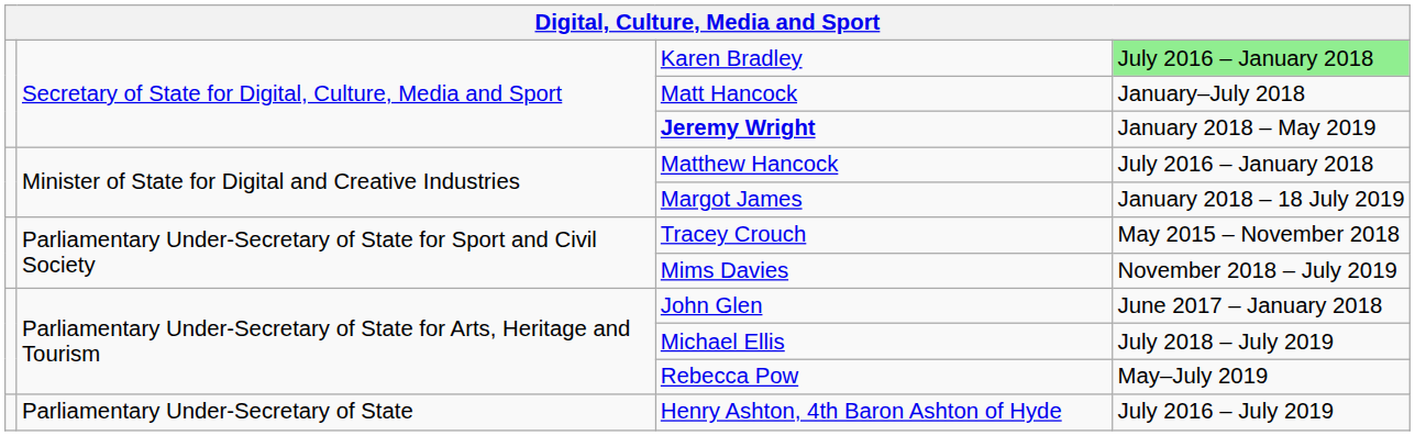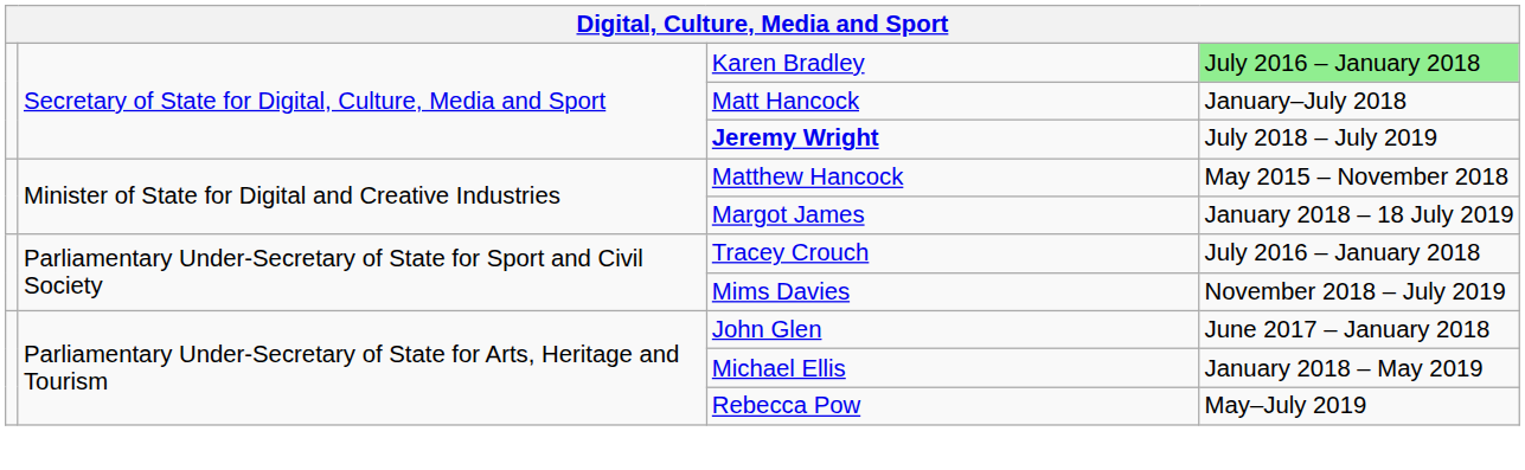 <table class="wikitable">
 <tr>
 <th colspan="4"><a href='#'>Digital, Culture, Media and Sport</a></th>
 </tr>
 <tr>
 <td rowspan="3" style="width: 1px; background: "></td>
 <td rowspan="3" style="width: 450px;"><a href='#'>Secretary of State for Digital, Culture, Media and Sport</a></td>
 <td style="width: 320px;"><a href='#'>Karen Bradley</a></td>
 <td style="background: lightgreen;">July 2016 – January 2018</td>
 </tr>
 <tr>
 <td><a href='#'>Matt Hancock</a></td>
 <td>January–July 2018</td>
 </tr>
 <tr>
 <td><strong><a href='#'>Jeremy Wright</a></strong></td>
-<td>January 2018 – May 2019</td>
+<td>July 2018 – July 2019</td>
 </tr>
 <tr>
 <td rowspan="2" style="width: 1px; background: "></td>
 <td rowspan="2">Minister of State for Digital and Creative Industries</td>
 <td><a href='#'>Matthew Hancock</a></td>
-<td>July 2016 – January 2018</td>
+<td>May 2015 – November 2018</td>
 </tr>
 <tr>
 <td><a href='#'>Margot James</a> </td>
 <td>January 2018 – 18 July 2019</td>
 </tr>
 <tr>
 <td rowspan="2" style="width: 1px; background: "></td>
 <td rowspan="2">Parliamentary Under-Secretary of State for Sport and Civil Society</td>
 <td><a href='#'>Tracey Crouch</a></td>
-<td>May 2015 – November 2018</td>
+<td>July 2016 – January 2018</td>
 </tr>
 <tr>
 <td><a href='#'>Mims Davies</a></td>
 <td>November 2018 – July 2019</td>
 </tr>
 <tr>
 <td rowspan="3" style="width: 1px; background: "></td>
 <td rowspan="3">Parliamentary Under-Secretary of State for Arts, Heritage and Tourism</td>
 <td><a href='#'>John Glen</a></td>
 <td>June 2017 – January 2018</td>
 </tr>
 <tr>
 <td><a href='#'>Michael Ellis</a></td>
-<td>July 2018 – July 2019</td>
+<td>January 2018 – May 2019</td>
 </tr>
 <tr>
 <td><a href='#'>Rebecca Pow</a></td>
 <td>May–July 2019</td>
 </tr>
-<tr>
-<td style="width: 1px; background: "></td>
-<td>Parliamentary Under-Secretary of State</td>
-<td><a href='#'>Henry Ashton, 4th Baron Ashton of Hyde</a></td>
-<td>July 2016 – July 2019</td>
-</tr>
 </table>
